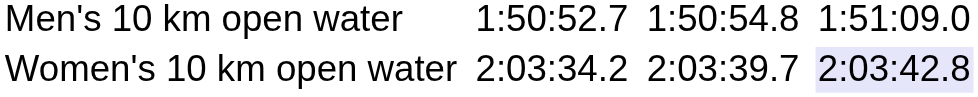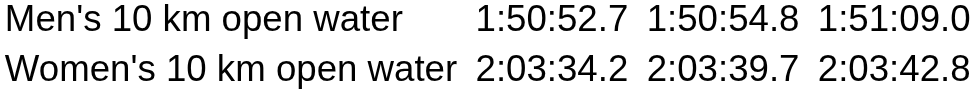 <table>
 <tr>
 <td>Men's 10 km open water<br></td>
 <td></td>
 <td>1:50:52.7</td>
 <td></td>
 <td>1:50:54.8</td>
 <td></td>
 <td>1:51:09.0</td>
 </tr>
 <tr>
 <td>Women's 10 km open water<br></td>
 <td></td>
 <td>2:03:34.2</td>
 <td></td>
 <td>2:03:39.7</td>
 <td></td>
-<td style="background: lavender;">2:03:42.8</td>
+<td>2:03:42.8</td>
 </tr>
 </table>
